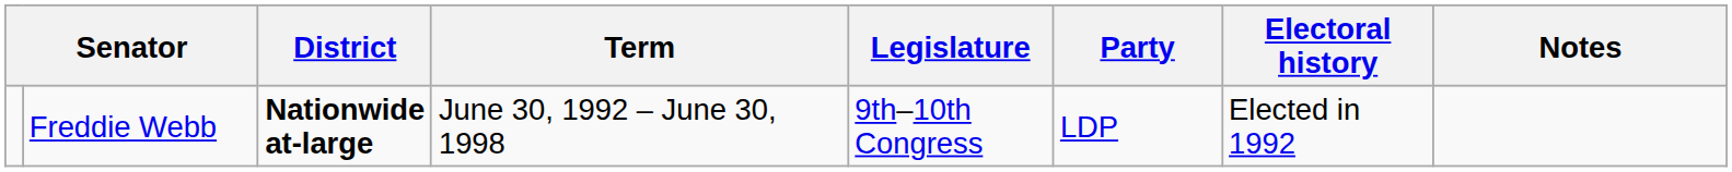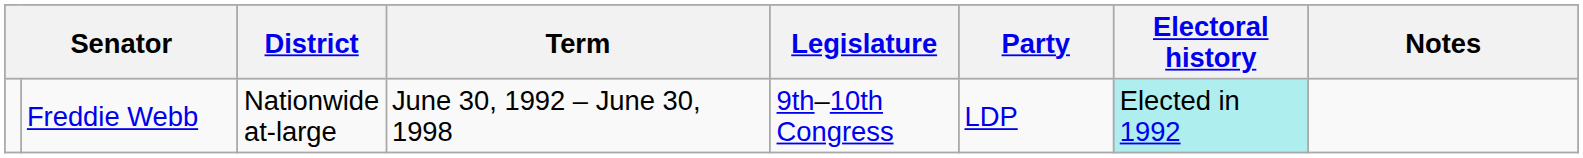 <table class="wikitable" style="font-size:95%" width=99%>
 <tr>
 <th colspan="2" width="15%">Senator</th>
 <th width="8%"><a href='#'>District</a></th>
 <th width="25%">Term</th>
 <th width="12%"><a href='#'>Legislature</a></th>
 <th width="10%"><a href='#'>Party</a></th>
 <th width="12.5%"><a href='#'>Electoral history</a></th>
 <th width="17.5%">Notes</th>
 </tr>
 <tr>
 <td width=1% style="background-color:"></td>
 <td><a href='#'>Freddie Webb</a></td>
-<td><strong>Nationwide at-large</strong></td>
+<td>Nationwide at-large</td>
 <td>June 30, 1992 – June 30, 1998</td>
 <td><a href='#'>9th</a>–<a href='#'>10th Congress</a></td>
 <td><a href='#'>LDP</a></td>
-<td>Elected in <a href='#'>1992</a></td>
+<td style="background: paleturquoise;">Elected in <a href='#'>1992</a></td>
 <td></td>
 </tr>
 </table>
